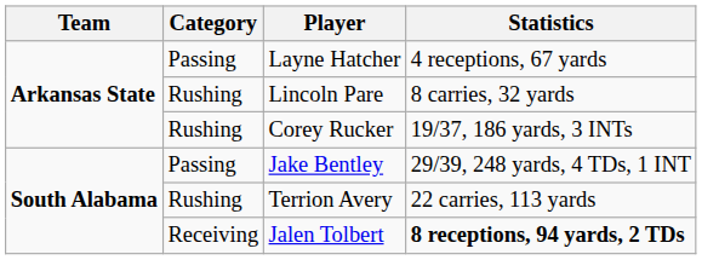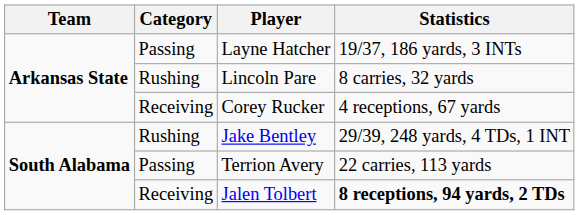 <table class="wikitable" style="float: left;">
 <tr>
 <th>Team</th>
 <th>Category</th>
 <th>Player</th>
 <th>Statistics</th>
 </tr>
 <tr>
 <td rowspan=3><strong>Arkansas State</strong></td>
 <td>Passing</td>
 <td>Layne Hatcher</td>
-<td>4 receptions, 67 yards</td>
+<td>19/37, 186 yards, 3 INTs</td>
 </tr>
 <tr>
 <td>Rushing</td>
 <td>Lincoln Pare</td>
 <td>8 carries, 32 yards</td>
 </tr>
 <tr>
-<td>Rushing</td>
+<td>Receiving</td>
 <td>Corey Rucker</td>
-<td>19/37, 186 yards, 3 INTs</td>
+<td>4 receptions, 67 yards</td>
 </tr>
 <tr>
 <td rowspan=3><strong>South Alabama</strong></td>
-<td>Passing</td>
+<td>Rushing</td>
 <td><a href='#'>Jake Bentley</a></td>
 <td>29/39, 248 yards, 4 TDs, 1 INT</td>
 </tr>
 <tr>
-<td>Rushing</td>
+<td>Passing</td>
 <td>Terrion Avery</td>
 <td>22 carries, 113 yards</td>
 </tr>
 <tr>
 <td>Receiving</td>
 <td><a href='#'>Jalen Tolbert</a></td>
 <td><strong>8 receptions, 94 yards, 2 TDs</strong></td>
 </tr>
 </table>
